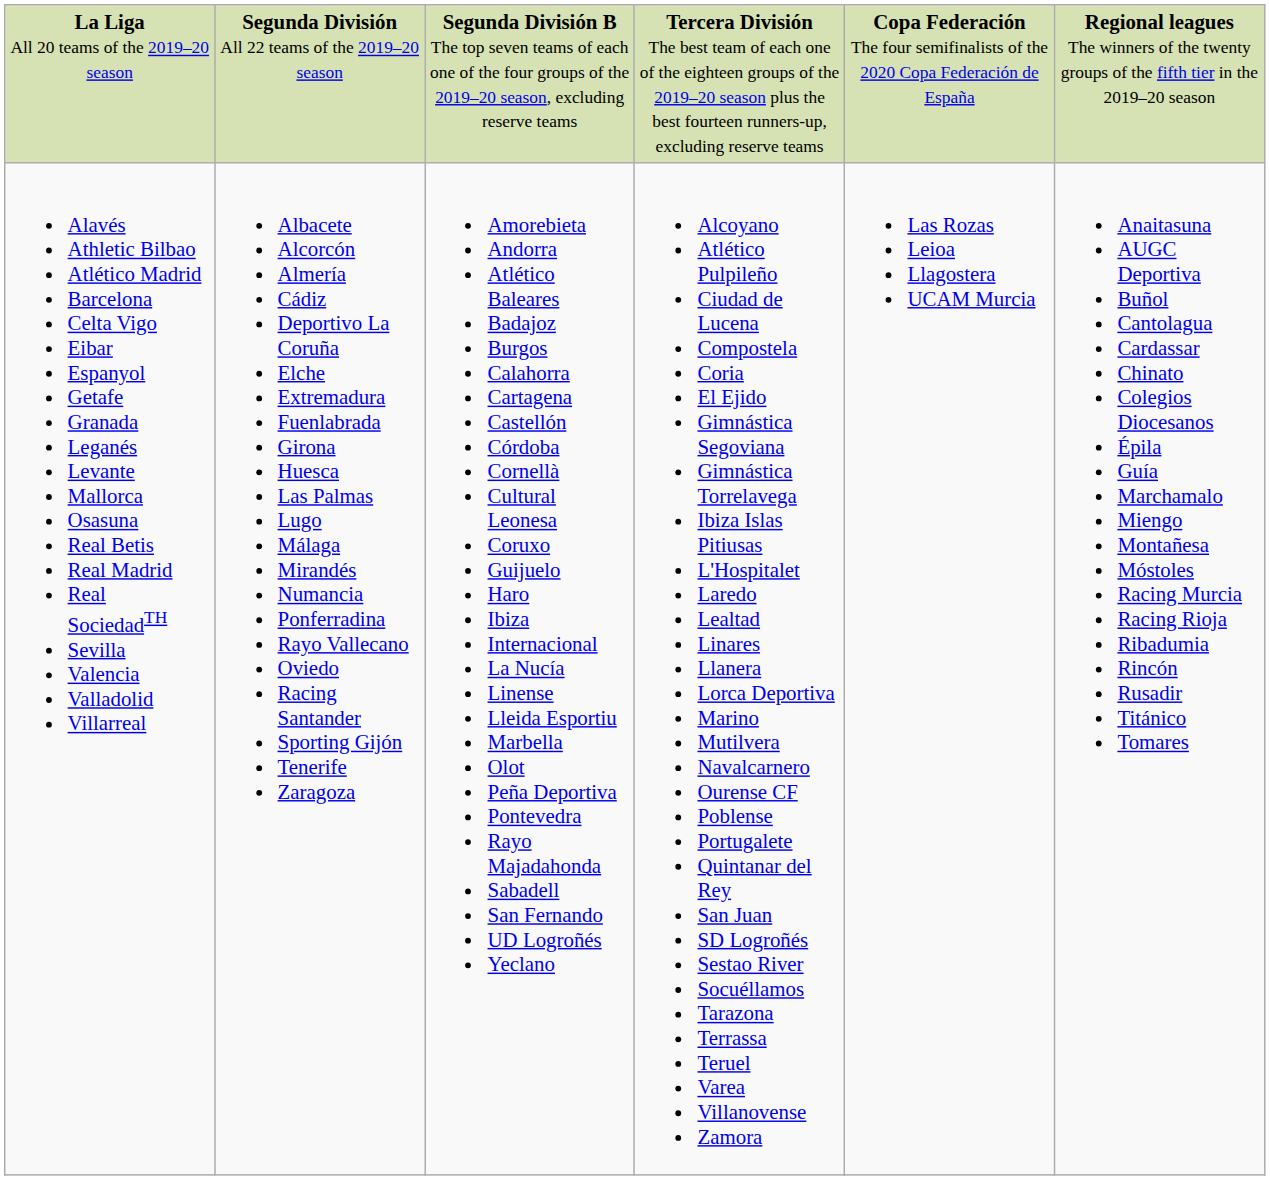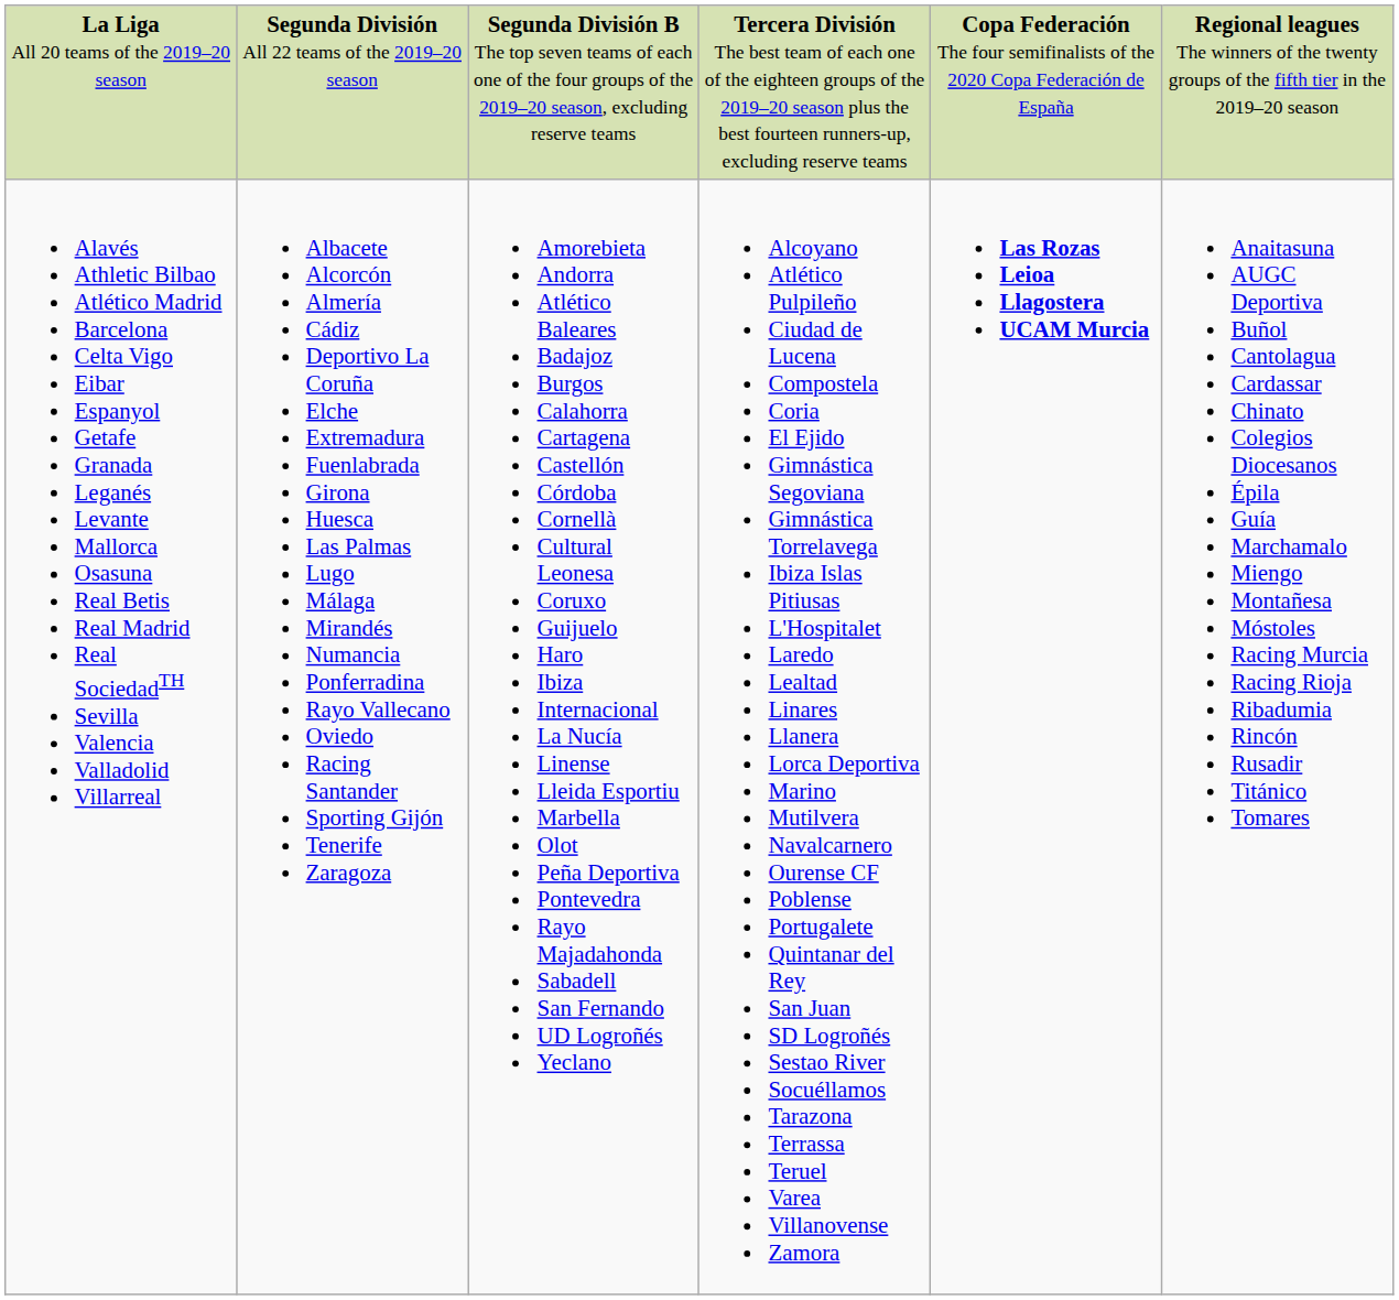 <table class="wikitable" style="font-size:90%">
 <tr style="background-color:#d6e2b3; text-align:center; vertical-align:top">
 <td style="width:16.67%"><strong>La Liga</strong><br><small>All 20 teams of the <a href='#'>2019–20 season</a></small></td>
 <td style="width:16.67%"><strong>Segunda División</strong><br><small>All 22 teams of the <a href='#'>2019–20 season</a></small></td>
 <td style="width:16.67%"><strong>Segunda División B</strong><br><small>The top seven teams of each one of the four groups of the <a href='#'>2019–20 season</a>, excluding reserve teams</small></td>
 <td style="width:16.67%"><strong>Tercera División</strong><br><small>The best team of each one of the eighteen groups of the <a href='#'>2019–20 season</a> plus the best fourteen runners-up, excluding reserve teams</small></td>
 <td style="width:16.67%"><strong>Copa Federación</strong><br><small>The four semifinalists of the <a href='#'>2020 Copa Federación de España</a></small></td>
 <td style="width:16.67%"><strong>Regional leagues</strong><br><small>The winners of the twenty groups of the <a href='#'>fifth tier</a> in the 2019–20 season</small></td>
 </tr>
 <tr style="vertical-align:top">
 <td><br><ul><li><a href='#'>Alavés</a></li><li><a href='#'>Athletic Bilbao</a></li><li><a href='#'>Atlético Madrid</a></li><li><a href='#'>Barcelona</a></li><li><a href='#'>Celta Vigo</a></li><li><a href='#'>Eibar</a></li><li><a href='#'>Espanyol</a></li><li><a href='#'>Getafe</a></li><li><a href='#'>Granada</a></li><li><a href='#'>Leganés</a></li><li><a href='#'>Levante</a></li><li><a href='#'>Mallorca</a></li><li><a href='#'>Osasuna</a></li><li><a href='#'>Real Betis</a></li><li><a href='#'>Real Madrid</a></li><li><a href='#'>Real Sociedad</a><sup><a href='#'>TH</a></sup></li><li><a href='#'>Sevilla</a></li><li><a href='#'>Valencia</a></li><li><a href='#'>Valladolid</a></li><li><a href='#'>Villarreal</a></li></ul></td>
 <td><br><ul><li><a href='#'>Albacete</a></li><li><a href='#'>Alcorcón</a></li><li><a href='#'>Almería</a></li><li><a href='#'>Cádiz</a></li><li><a href='#'>Deportivo La Coruña</a></li><li><a href='#'>Elche</a></li><li><a href='#'>Extremadura</a></li><li><a href='#'>Fuenlabrada</a></li><li><a href='#'>Girona</a></li><li><a href='#'>Huesca</a></li><li><a href='#'>Las Palmas</a></li><li><a href='#'>Lugo</a></li><li><a href='#'>Málaga</a></li><li><a href='#'>Mirandés</a></li><li><a href='#'>Numancia</a></li><li><a href='#'>Ponferradina</a></li><li><a href='#'>Rayo Vallecano</a></li><li><a href='#'>Oviedo</a></li><li><a href='#'>Racing Santander</a></li><li><a href='#'>Sporting Gijón</a></li><li><a href='#'>Tenerife</a></li><li><a href='#'>Zaragoza</a></li></ul></td>
 <td><br><ul><li><a href='#'>Amorebieta</a></li><li><a href='#'>Andorra</a></li><li><a href='#'>Atlético Baleares</a></li><li><a href='#'>Badajoz</a></li><li><a href='#'>Burgos</a></li><li><a href='#'>Calahorra</a></li><li><a href='#'>Cartagena</a></li><li><a href='#'>Castellón</a></li><li><a href='#'>Córdoba</a></li><li><a href='#'>Cornellà</a></li><li><a href='#'>Cultural Leonesa</a></li><li><a href='#'>Coruxo</a></li><li><a href='#'>Guijuelo</a></li><li><a href='#'>Haro</a></li><li><a href='#'>Ibiza</a></li><li><a href='#'>Internacional</a></li><li><a href='#'>La Nucía</a></li><li><a href='#'>Linense</a></li><li><a href='#'>Lleida Esportiu</a></li><li><a href='#'>Marbella</a></li><li><a href='#'>Olot</a></li><li><a href='#'>Peña Deportiva</a></li><li><a href='#'>Pontevedra</a></li><li><a href='#'>Rayo Majadahonda</a></li><li><a href='#'>Sabadell</a></li><li><a href='#'>San Fernando</a></li><li><a href='#'>UD Logroñés</a></li><li><a href='#'>Yeclano</a></li></ul></td>
 <td><br><ul><li><a href='#'>Alcoyano</a></li><li><a href='#'>Atlético Pulpileño</a></li><li><a href='#'>Ciudad de Lucena</a></li><li><a href='#'>Compostela</a></li><li><a href='#'>Coria</a></li><li><a href='#'>El Ejido</a></li><li><a href='#'>Gimnástica Segoviana</a></li><li><a href='#'>Gimnástica Torrelavega</a></li><li><a href='#'>Ibiza Islas Pitiusas</a></li><li><a href='#'>L'Hospitalet</a></li><li><a href='#'>Laredo</a></li><li><a href='#'>Lealtad</a></li><li><a href='#'>Linares</a></li><li><a href='#'>Llanera</a></li><li><a href='#'>Lorca Deportiva</a></li><li><a href='#'>Marino</a></li><li><a href='#'>Mutilvera</a></li><li><a href='#'>Navalcarnero</a></li><li><a href='#'>Ourense CF</a></li><li><a href='#'>Poblense</a></li><li><a href='#'>Portugalete</a></li><li><a href='#'>Quintanar del Rey</a></li><li><a href='#'>San Juan</a></li><li><a href='#'>SD Logroñés</a></li><li><a href='#'>Sestao River</a></li><li><a href='#'>Socuéllamos</a></li><li><a href='#'>Tarazona</a></li><li><a href='#'>Terrassa</a></li><li><a href='#'>Teruel</a></li><li><a href='#'>Varea</a></li><li><a href='#'>Villanovense</a></li><li><a href='#'>Zamora</a></li></ul></td>
-<td><br><ul><li><a href='#'>Las Rozas</a></li><li><a href='#'>Leioa</a></li><li><a href='#'>Llagostera</a></li><li><a href='#'>UCAM Murcia</a></li></ul></td>
+<td><strong><br><ul><li><a href='#'>Las Rozas</a></li><li><a href='#'>Leioa</a></li><li><a href='#'>Llagostera</a></li><li><a href='#'>UCAM Murcia</a></li></ul></strong></td>
 <td><br><ul><li><a href='#'>Anaitasuna</a></li><li><a href='#'>AUGC Deportiva</a></li><li><a href='#'>Buñol</a></li><li><a href='#'>Cantolagua</a></li><li><a href='#'>Cardassar</a></li><li><a href='#'>Chinato</a></li><li><a href='#'>Colegios Diocesanos</a></li><li><a href='#'>Épila</a></li><li><a href='#'>Guía</a></li><li><a href='#'>Marchamalo</a></li><li><a href='#'>Miengo</a></li><li><a href='#'>Montañesa</a></li><li><a href='#'>Móstoles</a></li><li><a href='#'>Racing Murcia</a></li><li><a href='#'>Racing Rioja</a></li><li><a href='#'>Ribadumia</a></li><li><a href='#'>Rincón</a></li><li><a href='#'>Rusadir</a></li><li><a href='#'>Titánico</a></li><li><a href='#'>Tomares</a></li></ul></td>
 </tr>
 </table>
